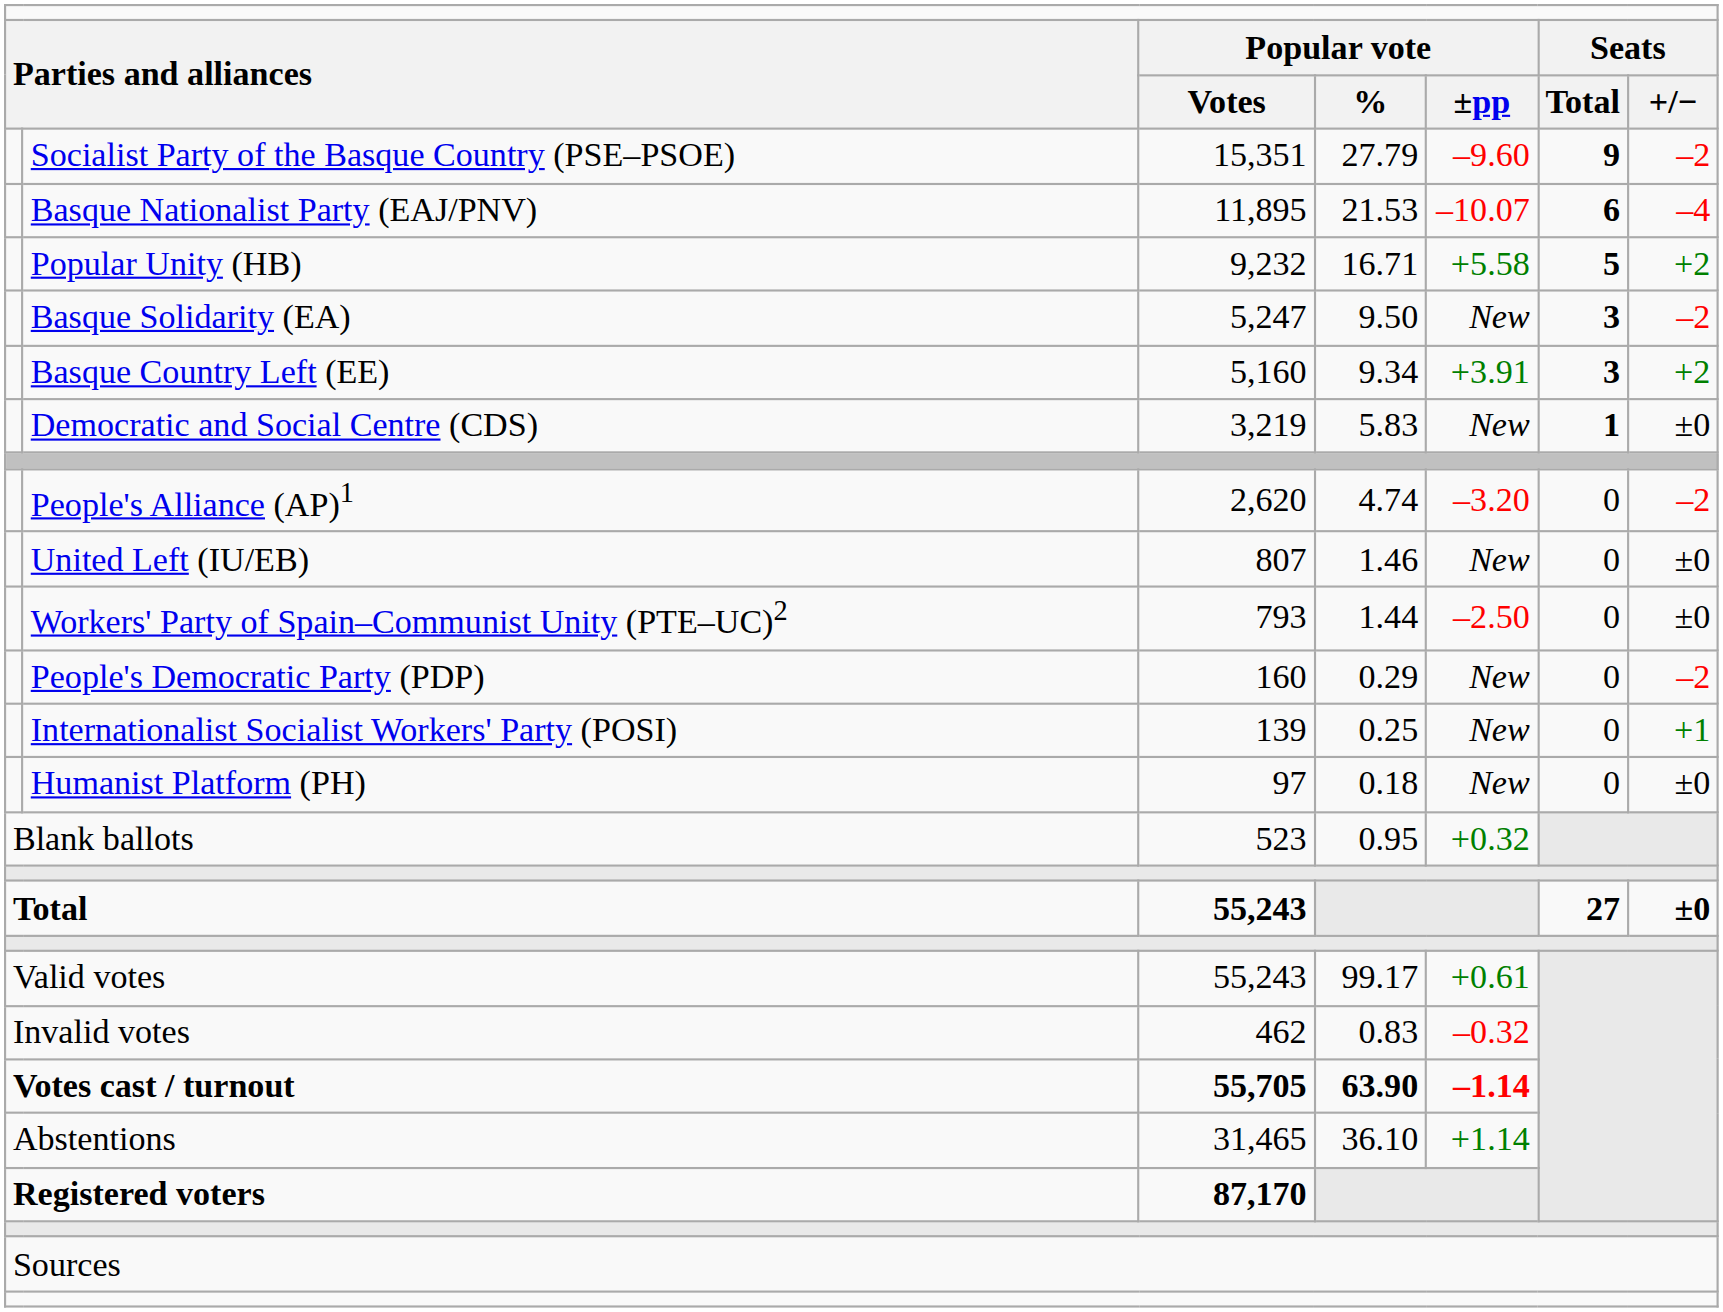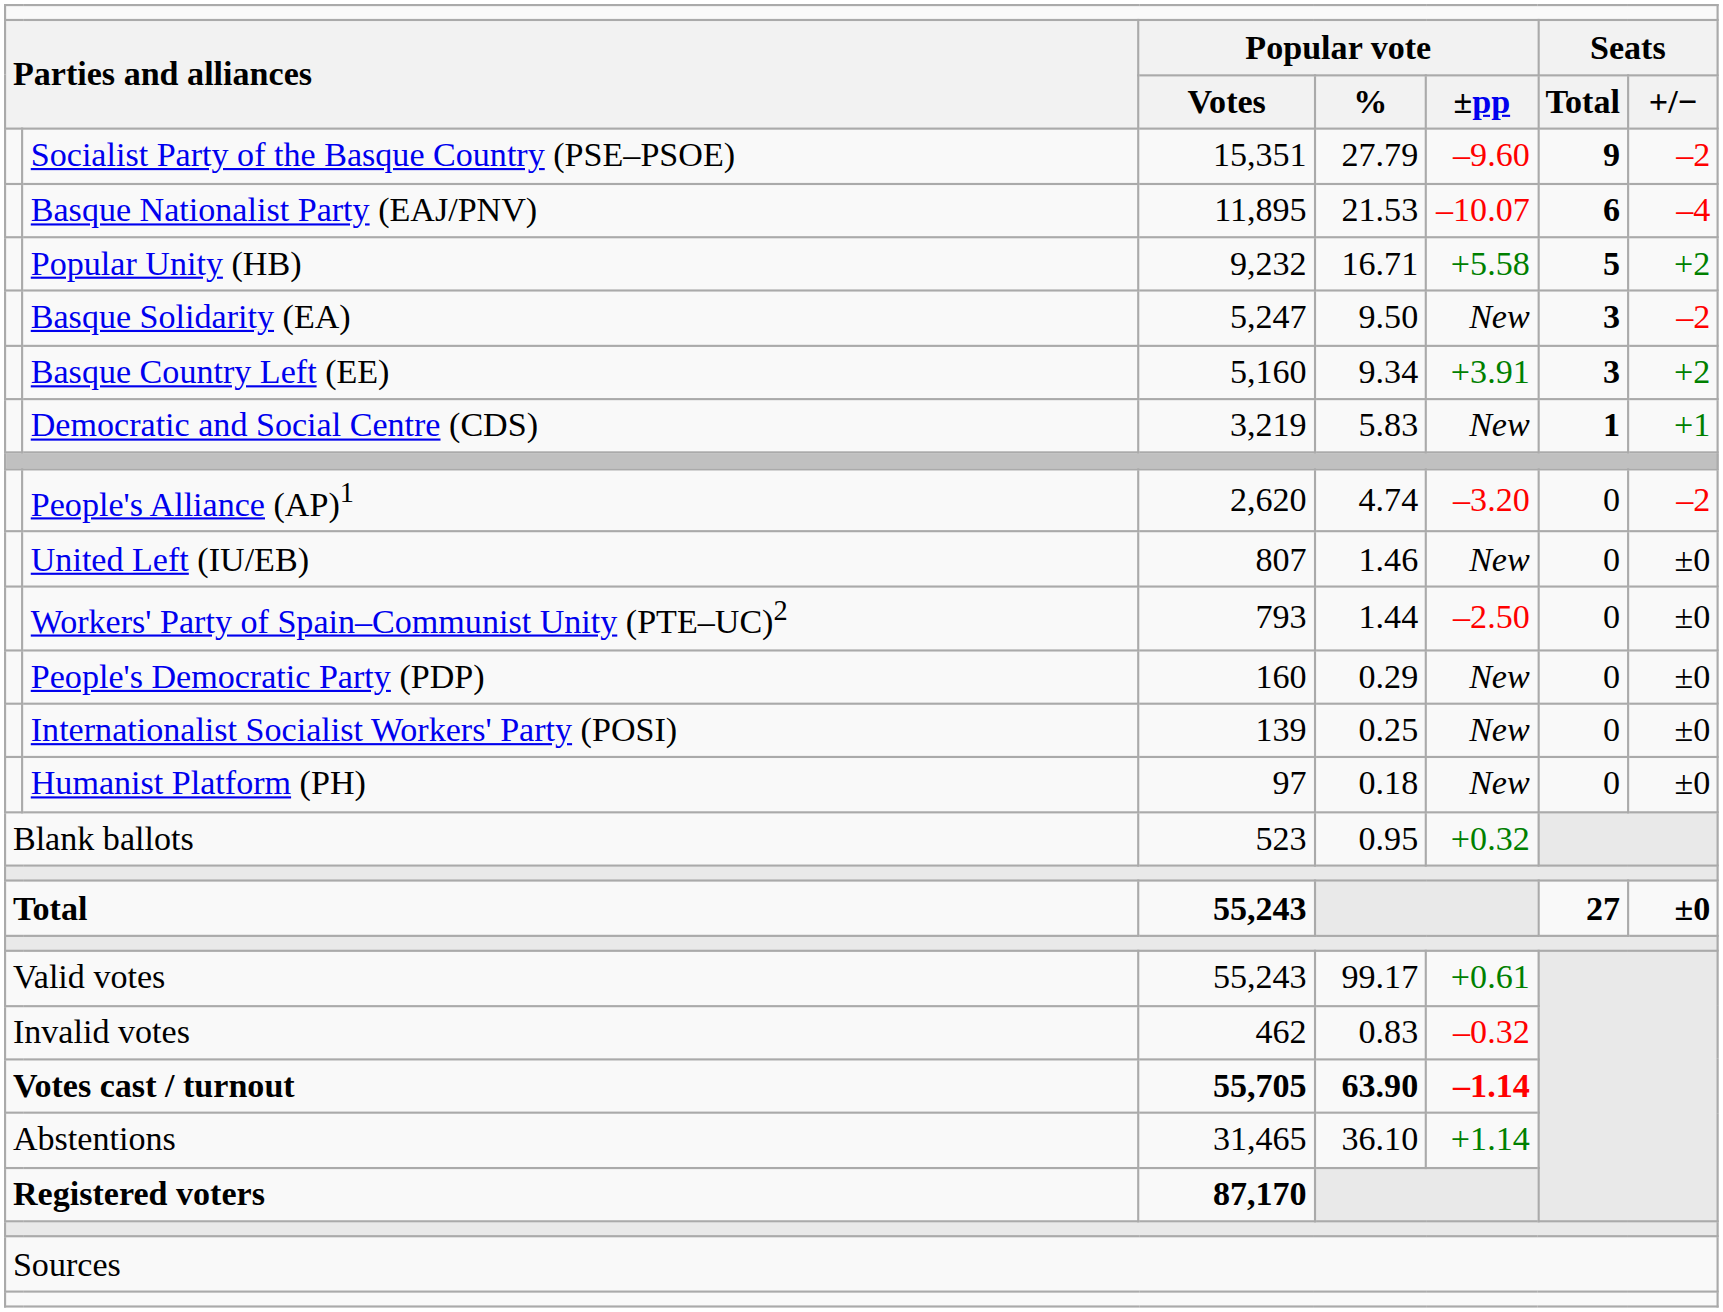 <table class="wikitable" style="text-align:right;">
 <tr>
 <td colspan="7"></td>
 </tr>
 <tr>
 <th style="text-align:left;" rowspan="2" colspan="2" width="525">Parties and alliances</th>
 <th colspan="3">Popular vote</th>
 <th colspan="2">Seats</th>
 </tr>
 <tr>
 <th width="75">Votes</th>
 <th width="45">%</th>
 <th width="45">±<a href='#'>pp</a></th>
 <th width="35">Total</th>
 <th width="35">+/−</th>
 </tr>
 <tr>
 <td width="1" style="color:inherit;background:"></td>
 <td align="left"><a href='#'>Socialist Party of the Basque Country</a> (PSE–PSOE)</td>
 <td>15,351</td>
 <td>27.79</td>
 <td style="color:red;">–9.60</td>
 <td><strong>9</strong></td>
 <td style="color:red;">–2</td>
 </tr>
 <tr>
 <td style="color:inherit;background:"></td>
 <td align="left"><a href='#'>Basque Nationalist Party</a> (EAJ/PNV)</td>
 <td>11,895</td>
 <td>21.53</td>
 <td style="color:red;">–10.07</td>
 <td><strong>6</strong></td>
 <td style="color:red;">–4</td>
 </tr>
 <tr>
 <td style="color:inherit;background:"></td>
 <td align="left"><a href='#'>Popular Unity</a> (HB)</td>
 <td>9,232</td>
 <td>16.71</td>
 <td style="color:green;">+5.58</td>
 <td><strong>5</strong></td>
 <td style="color:green;">+2</td>
 </tr>
 <tr>
 <td style="color:inherit;background:"></td>
 <td align="left"><a href='#'>Basque Solidarity</a> (EA)</td>
 <td>5,247</td>
 <td>9.50</td>
 <td><em>New</em></td>
 <td><strong>3</strong></td>
 <td style="color:red;">–2</td>
 </tr>
 <tr>
 <td style="color:inherit;background:"></td>
 <td align="left"><a href='#'>Basque Country Left</a> (EE)</td>
 <td>5,160</td>
 <td>9.34</td>
 <td style="color:green;">+3.91</td>
 <td><strong>3</strong></td>
 <td style="color:green;">+2</td>
 </tr>
 <tr>
 <td style="color:inherit;background:"></td>
 <td align="left"><a href='#'>Democratic and Social Centre</a> (CDS)</td>
 <td>3,219</td>
 <td>5.83</td>
 <td><em>New</em></td>
 <td><strong>1</strong></td>
-<td>±0</td>
+<td style="color:green;">+1</td>
 </tr>
 <tr>
 <td colspan="7" bgcolor="#C0C0C0"></td>
 </tr>
 <tr>
 <td style="color:inherit;background:"></td>
 <td align="left"><a href='#'>People's Alliance</a> (AP)<sup>1</sup></td>
 <td>2,620</td>
 <td>4.74</td>
 <td style="color:red;">–3.20</td>
 <td>0</td>
 <td style="color:red;">–2</td>
 </tr>
 <tr>
 <td style="color:inherit;background:"></td>
 <td align="left"><a href='#'>United Left</a> (IU/EB)</td>
 <td>807</td>
 <td>1.46</td>
 <td><em>New</em></td>
 <td>0</td>
 <td>±0</td>
 </tr>
 <tr>
 <td style="color:inherit;background:"></td>
 <td align="left"><a href='#'>Workers' Party of Spain–Communist Unity</a> (PTE–UC)<sup>2</sup></td>
 <td>793</td>
 <td>1.44</td>
 <td style="color:red;">–2.50</td>
 <td>0</td>
 <td>±0</td>
 </tr>
 <tr>
 <td style="color:inherit;background:"></td>
 <td align="left"><a href='#'>People's Democratic Party</a> (PDP)</td>
 <td>160</td>
 <td>0.29</td>
 <td><em>New</em></td>
 <td>0</td>
-<td style="color:red;">–2</td>
+<td>±0</td>
 </tr>
 <tr>
 <td style="color:inherit;background:"></td>
 <td align="left"><a href='#'>Internationalist Socialist Workers' Party</a> (POSI)</td>
 <td>139</td>
 <td>0.25</td>
 <td><em>New</em></td>
 <td>0</td>
-<td style="color:green;">+1</td>
+<td>±0</td>
 </tr>
 <tr>
 <td style="color:inherit;background:"></td>
 <td align="left"><a href='#'>Humanist Platform</a> (PH)</td>
 <td>97</td>
 <td>0.18</td>
 <td><em>New</em></td>
 <td>0</td>
 <td>±0</td>
 </tr>
 <tr>
 <td align="left" colspan="2">Blank ballots</td>
 <td>523</td>
 <td>0.95</td>
 <td style="color:green;">+0.32</td>
 <td bgcolor="#E9E9E9" colspan="2"></td>
 </tr>
 <tr>
 <td colspan="7" bgcolor="#E9E9E9"></td>
 </tr>
 <tr style="font-weight:bold;">
 <td align="left" colspan="2">Total</td>
 <td>55,243</td>
 <td bgcolor="#E9E9E9" colspan="2"></td>
 <td>27</td>
 <td>±0</td>
 </tr>
 <tr>
 <td colspan="7" bgcolor="#E9E9E9"></td>
 </tr>
 <tr>
 <td align="left" colspan="2">Valid votes</td>
 <td>55,243</td>
 <td>99.17</td>
 <td style="color:green;">+0.61</td>
 <td bgcolor="#E9E9E9" colspan="2" rowspan="5"></td>
 </tr>
 <tr>
 <td align="left" colspan="2">Invalid votes</td>
 <td>462</td>
 <td>0.83</td>
 <td style="color:red;">–0.32</td>
 </tr>
 <tr style="font-weight:bold;">
 <td align="left" colspan="2">Votes cast / turnout</td>
 <td>55,705</td>
 <td>63.90</td>
 <td style="color:red;">–1.14</td>
 </tr>
 <tr>
 <td align="left" colspan="2">Abstentions</td>
 <td>31,465</td>
 <td>36.10</td>
 <td style="color:green;">+1.14</td>
 </tr>
 <tr style="font-weight:bold;">
 <td align="left" colspan="2">Registered voters</td>
 <td>87,170</td>
 <td bgcolor="#E9E9E9" colspan="2"></td>
 </tr>
 <tr>
 <td colspan="7" bgcolor="#E9E9E9"></td>
 </tr>
 <tr>
 <td align="left" colspan="7">Sources</td>
 </tr>
 <tr>
 <td colspan="7" style="text-align:left; max-width:790px;"></td>
 </tr>
 </table>
